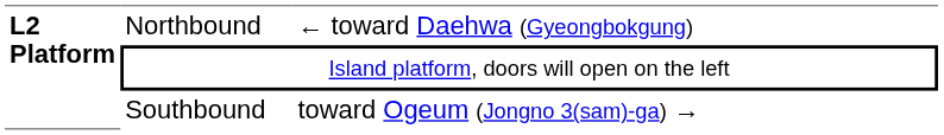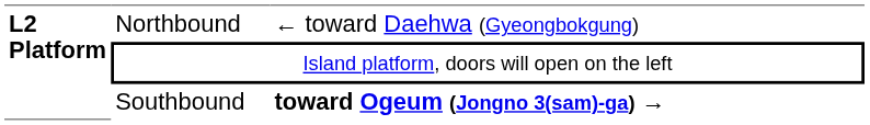 <table table border=0 cellspacing=0 cellpadding=3>
 <tr>
 <td style="border-top:solid 1px gray;border-bottom:solid 1px gray;" width=50 rowspan=10 valign=top><strong>L2<br>Platform</strong></td>
 <td style="border-bottom:solid 0px gray;border-top:solid 1px gray;" width=100>Northbound</td>
 <td style="border-bottom:solid 0px gray;border-top:solid 1px gray;" width=390>←  toward <a href='#'>Daehwa</a> <small>(<a href='#'>Gyeongbokgung</a>)</small></td>
 </tr>
 <tr>
 <td style="border-top:solid 2px black;border-right:solid 2px black;border-left:solid 2px black;border-bottom:solid 2px black;text-align:center;" colspan=2><small><a href='#'>Island platform</a>, doors will open on the left</small></td>
 </tr>
 <tr>
 <td>Southbound</td>
-<td>  toward <a href='#'>Ogeum</a> <small>(<a href='#'>Jongno 3(sam)-ga</a>)</small> →</td>
+<td><strong>  toward <a href='#'>Ogeum</a> <small>(<a href='#'>Jongno 3(sam)-ga</a>)</small> →</strong></td>
 </tr>
 </table>
